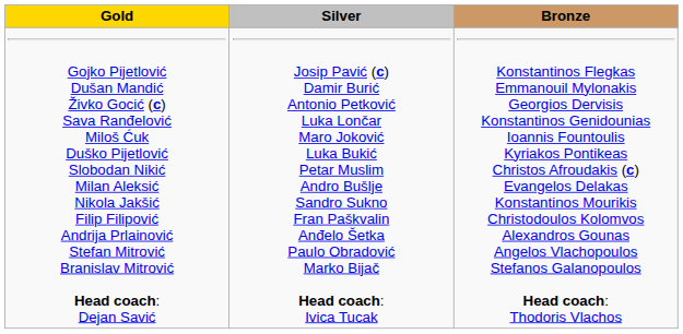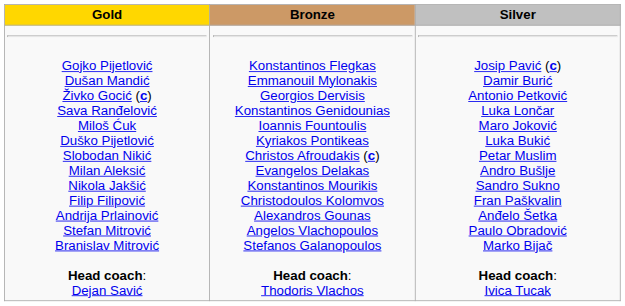 <table class="wikitable">
 <tr>
 <th style="text-align:center; width:15em; background-color:gold;">Gold</th>
+<th style="text-align:center; width:15em; background-color:#CC9966;">Bronze</th>
 <th style="text-align:center; width:15em; background-color:silver;">Silver</th>
-<th style="text-align:center; width:15em; background-color:#CC9966;">Bronze</th>
 </tr>
 <tr>
 <td style="text-align:center; vertical-align:top;"><strong></strong> <hr><br><a href='#'>Gojko Pijetlović</a><br><a href='#'>Dušan Mandić</a><br><a href='#'>Živko Gocić</a> (<a href='#'><strong>c</strong></a>)<br><a href='#'>Sava Ranđelović</a><br><a href='#'>Miloš Ćuk</a><br><a href='#'>Duško Pijetlović</a><br><a href='#'>Slobodan Nikić</a><br><a href='#'>Milan Aleksić</a><br><a href='#'>Nikola Jakšić</a><br><a href='#'>Filip Filipović</a><br><a href='#'>Andrija Prlainović</a><br><a href='#'>Stefan Mitrović</a><br><a href='#'>Branislav Mitrović</a><br><br><strong>Head coach</strong>:<br> <a href='#'>Dejan Savić</a></td>
+<td style="text-align:center; vertical-align:top;"><strong></strong> <hr><br><a href='#'>Konstantinos Flegkas</a><br><a href='#'>Emmanouil Mylonakis</a><br><a href='#'>Georgios Dervisis</a><br><a href='#'>Konstantinos Genidounias</a><br><a href='#'>Ioannis Fountoulis</a><br><a href='#'>Kyriakos Pontikeas</a><br><a href='#'>Christos Afroudakis</a> (<a href='#'><strong>c</strong></a>)<br><a href='#'>Evangelos Delakas</a><br><a href='#'>Konstantinos Mourikis</a><br><a href='#'>Christodoulos Kolomvos</a><br><a href='#'>Alexandros Gounas</a><br><a href='#'>Angelos Vlachopoulos</a><br><a href='#'>Stefanos Galanopoulos</a><br><br><strong>Head coach</strong>:<br> <a href='#'>Thodoris Vlachos</a></td>
 <td style="text-align:center; vertical-align:top;"><strong></strong> <hr><br><a href='#'>Josip Pavić</a> (<a href='#'><strong>c</strong></a>)<br><a href='#'>Damir Burić</a><br><a href='#'>Antonio Petković</a><br><a href='#'>Luka Lončar</a><br><a href='#'>Maro Joković</a><br><a href='#'>Luka Bukić</a><br><a href='#'>Petar Muslim</a><br><a href='#'>Andro Bušlje</a><br><a href='#'>Sandro Sukno</a><br><a href='#'>Fran Paškvalin</a><br><a href='#'>Anđelo Šetka</a><br><a href='#'>Paulo Obradović</a><br><a href='#'>Marko Bijač</a><br><br><strong>Head coach</strong>:<br> <a href='#'>Ivica Tucak</a></td>
-<td style="text-align:center; vertical-align:top;"><strong></strong> <hr><br><a href='#'>Konstantinos Flegkas</a><br><a href='#'>Emmanouil Mylonakis</a><br><a href='#'>Georgios Dervisis</a><br><a href='#'>Konstantinos Genidounias</a><br><a href='#'>Ioannis Fountoulis</a><br><a href='#'>Kyriakos Pontikeas</a><br><a href='#'>Christos Afroudakis</a> (<a href='#'><strong>c</strong></a>)<br><a href='#'>Evangelos Delakas</a><br><a href='#'>Konstantinos Mourikis</a><br><a href='#'>Christodoulos Kolomvos</a><br><a href='#'>Alexandros Gounas</a><br><a href='#'>Angelos Vlachopoulos</a><br><a href='#'>Stefanos Galanopoulos</a><br><br><strong>Head coach</strong>:<br> <a href='#'>Thodoris Vlachos</a></td>
 </tr>
 </table>
